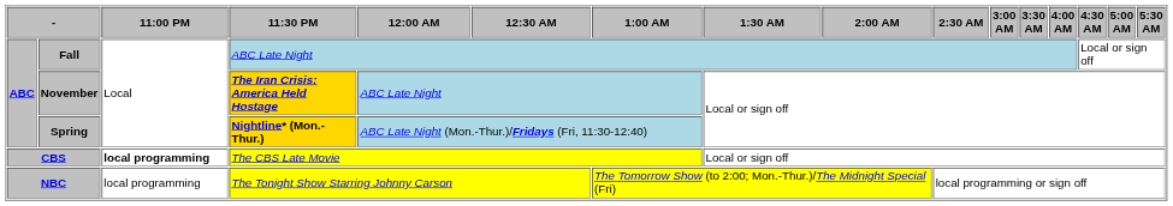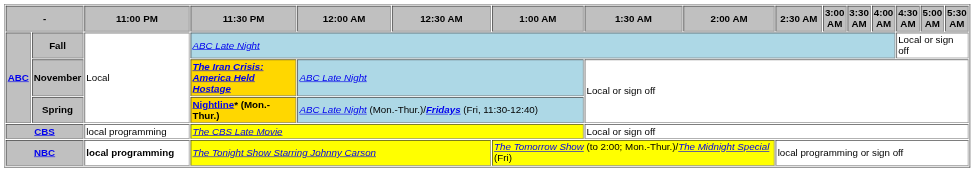 <table border="1" cellpadding="2">
 <tr>
 <th bgcolor="#C0C0C0" colspan=2>-</th>
 <th width="13%" bgcolor="#C0C0C0">11:00 PM</th>
 <th width="14%" bgcolor="#C0C0C0">11:30 PM</th>
 <th width="13%" bgcolor="#C0C0C0">12:00 AM</th>
 <th width="14%" bgcolor="#C0C0C0">12:30 AM</th>
 <th width="13%" bgcolor="#C0C0C0">1:00 AM</th>
 <th width="14%" bgcolor="#C0C0C0">1:30 AM</th>
 <th width="13%" bgcolor="#C0C0C0">2:00 AM</th>
 <th width="14%" bgcolor="#C0C0C0">2:30 AM</th>
 <th width="13%" bgcolor="#C0C0C0">3:00 AM</th>
 <th width="14%" bgcolor="#C0C0C0">3:30 AM</th>
 <th width="13%" bgcolor="#C0C0C0">4:00 AM</th>
 <th width="14%" bgcolor="#C0C0C0">4:30 AM</th>
 <th width="13%" bgcolor="#C0C0C0">5:00 AM</th>
 <th width="14%" bgcolor="#C0C0C0">5:30 AM</th>
 </tr>
 <tr>
 <th bgcolor="#C0C0C0" rowspan=3><a href='#'>ABC</a></th>
 <th bgcolor=#C0C0C0>Fall</th>
 <td bgcolor="white" rowspan=3>Local</td>
 <td bgcolor="lightblue" colspan="10"><em><a href='#'>ABC Late Night</a></em></td>
 <td bgcolor="white" colspan="3">Local or sign off</td>
 </tr>
 <tr>
 <th bgcolor=#C0C0C0>November</th>
 <td bgcolor="gold"><strong><em><a href='#'>The Iran Crisis: America Held Hostage</a></em></strong></td>
 <td bgcolor="lightblue" colspan="3"><em><a href='#'>ABC Late Night</a></em></td>
 <td bgcolor="white" colspan="9" rowspan=2>Local or sign off</td>
 </tr>
 <tr>
 <th bgcolor=#C0C0C0>Spring</th>
 <td bgcolor="gold"><strong><a href='#'>Nightline</a>* (Mon.-Thur.)</strong></td>
 <td bgcolor="lightblue" colspan="3"><em><a href='#'>ABC Late Night</a></em> (Mon.-Thur.)/<strong><a href='#'><em>Fridays</em></a></strong> (Fri, 11:30-12:40)</td>
 </tr>
 <tr>
 <th bgcolor="#C0C0C0" colspan=2><a href='#'>CBS</a></th>
-<td bgcolor="white"><strong>local programming</strong></td>
+<td bgcolor="white">local programming</td>
 <td bgcolor="yellow" colspan="4"><em><a href='#'>The CBS Late Movie</a></em></td>
 <td bgcolor="white" colspan="9">Local or sign off</td>
 </tr>
 <tr>
 <th bgcolor="#C0C0C0" colspan=2><a href='#'>NBC</a></th>
-<td bgcolor="white">local programming</td>
+<td bgcolor="white"><strong>local programming</strong></td>
 <td bgcolor="yellow" colspan="3"><em><a href='#'>The Tonight Show Starring Johnny Carson</a></em></td>
 <td bgcolor="yellow" colspan="3"><em><a href='#'>The Tomorrow Show</a></em> (to 2:00; Mon.-Thur.)/<a href='#'><em>The Midnight Special</em></a> (Fri)</td>
 <td bgcolor="white" colspan="7">local programming or sign off</td>
 </tr>
 </table>
